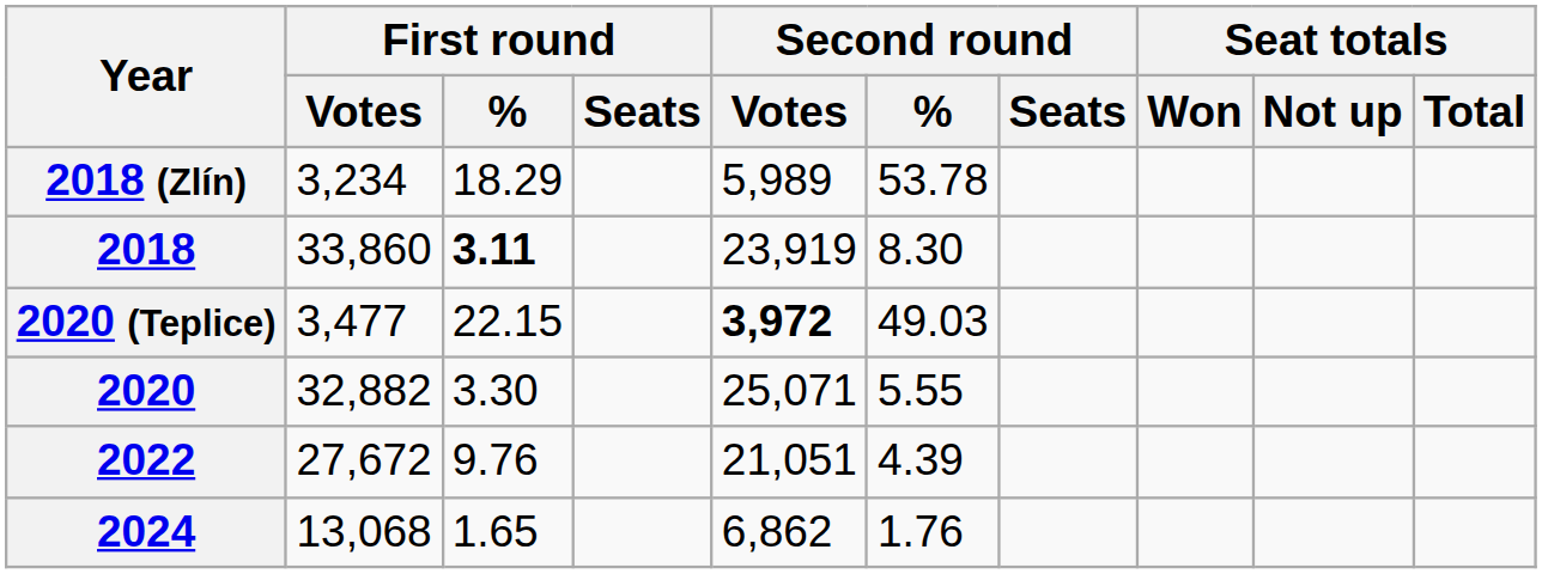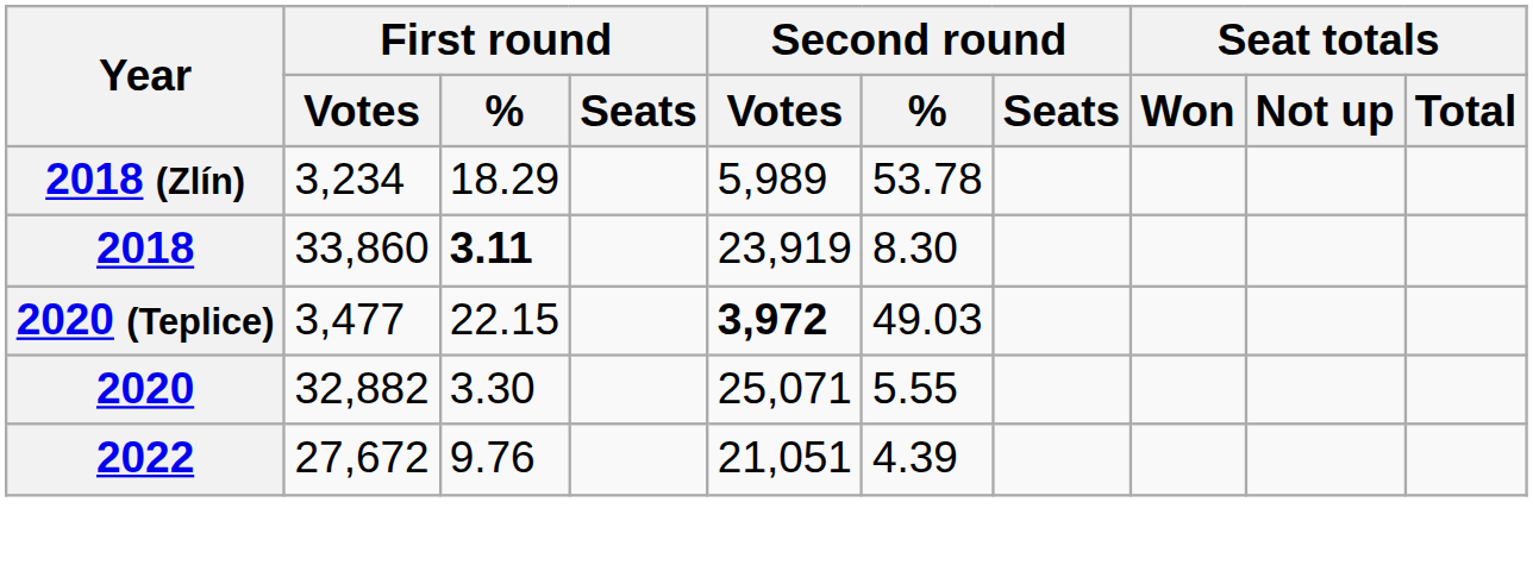 <table class="wikitable" style="align:center;">
 <tr>
 <th rowspan=2>Year</th>
 <th colspan=3>First round</th>
 <th colspan=3>Second round</th>
 <th colspan=3>Seat totals</th>
 </tr>
 <tr>
 <th>Votes</th>
 <th>%</th>
 <th>Seats</th>
 <th>Votes</th>
 <th>%</th>
 <th>Seats</th>
 <th>Won</th>
 <th>Not up</th>
 <th>Total</th>
 </tr>
 <tr>
 <th><a href='#'>2018</a> <small>(Zlín)</small></th>
 <td>3,234</td>
 <td>18.29</td>
 <td></td>
 <td>5,989</td>
 <td>53.78</td>
 <td></td>
 <td></td>
 <td></td>
 <td></td>
 </tr>
 <tr>
 <th><a href='#'>2018</a></th>
 <td>33,860</td>
 <td><strong>3.11</strong></td>
 <td></td>
 <td>23,919</td>
 <td>8.30</td>
 <td></td>
 <td></td>
 <td></td>
 <td></td>
 </tr>
 <tr>
 <th><a href='#'>2020</a> <small>(Teplice)</small></th>
 <td>3,477</td>
 <td>22.15</td>
 <td></td>
 <td><strong>3,972</strong></td>
 <td>49.03</td>
 <td></td>
 <td></td>
 <td></td>
 <td></td>
 </tr>
 <tr>
 <th><a href='#'>2020</a></th>
 <td>32,882</td>
 <td>3.30</td>
 <td></td>
 <td>25,071</td>
 <td>5.55</td>
 <td></td>
 <td></td>
 <td></td>
 <td></td>
 </tr>
 <tr>
 <th><a href='#'>2022</a></th>
 <td>27,672</td>
 <td>9.76</td>
 <td></td>
 <td>21,051</td>
 <td>4.39</td>
 <td></td>
 <td></td>
 <td></td>
 <td></td>
 </tr>
-<tr>
-<th><a href='#'>2024</a></th>
-<td>13,068</td>
-<td>1.65</td>
-<td></td>
-<td>6,862</td>
-<td>1.76</td>
-<td></td>
-<td></td>
-<td></td>
-<td></td>
-</tr>
 </table>
